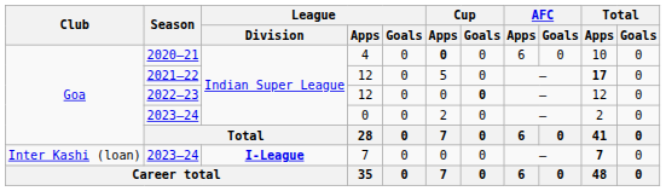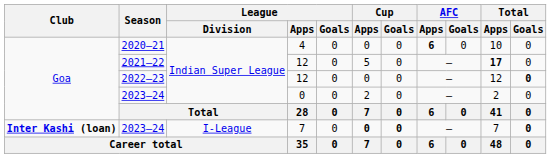 <table class=wikitable style=text-align:center>
 <tr>
 <th rowspan=2>Club</th>
 <th rowspan=2>Season</th>
 <th colspan=3>League</th>
 <th colspan=2>Cup</th>
 <th colspan=2><a href='#'>AFC</a></th>
 <th colspan=2>Total</th>
 </tr>
 <tr>
 <th>Division</th>
 <th>Apps</th>
 <th>Goals</th>
 <th>Apps</th>
 <th>Goals</th>
 <th>Apps</th>
 <th>Goals</th>
 <th>Apps</th>
 <th>Goals</th>
 </tr>
 <tr>
 <td rowspan="5"><a href='#'>Goa</a></td>
 <td><a href='#'>2020–21</a></td>
 <td rowspan="4"><a href='#'>Indian Super League</a></td>
 <td>4</td>
 <td>0</td>
-<td><strong>0</strong></td>
 <td>0</td>
-<td>6</td>
+<td>0</td>
+<td><strong>6</strong></td>
 <td>0</td>
 <td>10</td>
 <td>0</td>
 </tr>
 <tr>
 <td><a href='#'>2021–22</a></td>
 <td>12</td>
 <td>0</td>
 <td>5</td>
 <td>0</td>
 <td colspan="2">–</td>
 <td><strong>17</strong></td>
 <td>0</td>
 </tr>
 <tr>
 <td><a href='#'>2022–23</a></td>
 <td>12</td>
 <td>0</td>
 <td>0</td>
-<td><strong>0</strong></td>
+<td>0</td>
 <td colspan="2">–</td>
 <td>12</td>
-<td>0</td>
+<td><strong>0</strong></td>
 </tr>
 <tr>
 <td><a href='#'>2023–24</a></td>
 <td>0</td>
 <td>0</td>
 <td>2</td>
 <td>0</td>
 <td colspan="2">–</td>
 <td>2</td>
 <td>0</td>
 </tr>
 <tr>
 <th colspan="2">Total</th>
 <th>28</th>
 <th>0</th>
 <th>7</th>
 <th>0</th>
 <th>6</th>
 <th>0</th>
 <th>41</th>
 <th>0</th>
 </tr>
 <tr>
-<td rowspan="1"><a href='#'>Inter Kashi</a> (loan)</td>
+<td rowspan="1"><strong><a href='#'>Inter Kashi</a> (loan)</strong></td>
 <td><a href='#'>2023–24</a></td>
-<td rowspan="1"><strong><a href='#'>I-League</a></strong></td>
+<td rowspan="1"><a href='#'>I-League</a></td>
 <td>7</td>
 <td>0</td>
-<td>0</td>
-<td>0</td>
+<td><strong>0</strong></td>
+<td><strong>0</strong></td>
 <td colspan="2">–</td>
-<td><strong>7</strong></td>
-<td>0</td>
+<td>7</td>
+<td><strong>0</strong></td>
 </tr>
 <tr>
 <th colspan="3">Career total</th>
 <th>35</th>
 <th>0</th>
 <th>7</th>
 <th>0</th>
 <th>6</th>
 <th>0</th>
 <th>48</th>
 <th>0</th>
 </tr>
 </table>
